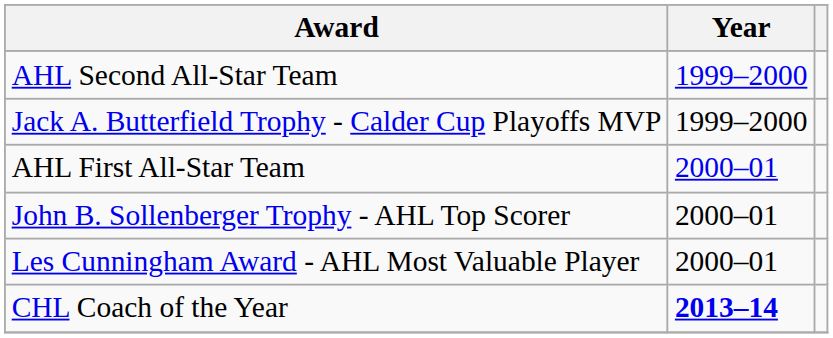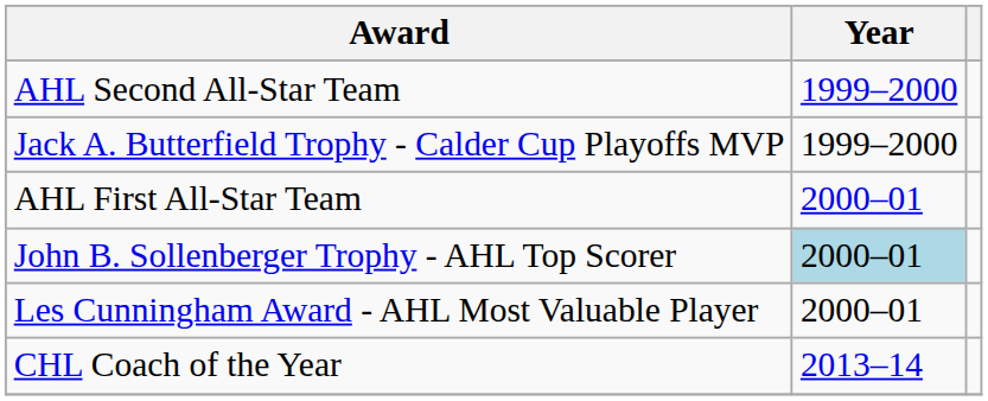 <table class="wikitable">
 <tr>
 <th>Award</th>
 <th>Year</th>
 <th></th>
 </tr>
 <tr>
 <td><a href='#'>AHL</a> Second All-Star Team</td>
 <td><a href='#'>1999–2000</a></td>
 <td></td>
 </tr>
 <tr>
 <td><a href='#'>Jack A. Butterfield Trophy</a> - <a href='#'>Calder Cup</a> Playoffs MVP</td>
 <td>1999–2000</td>
 <td></td>
 </tr>
 <tr>
 <td>AHL First All-Star Team</td>
 <td><a href='#'>2000–01</a></td>
 <td></td>
 </tr>
 <tr>
 <td><a href='#'>John B. Sollenberger Trophy</a> - AHL Top Scorer</td>
-<td>2000–01</td>
+<td style="background: lightblue;">2000–01</td>
 <td></td>
 </tr>
 <tr>
 <td><a href='#'>Les Cunningham Award</a> - AHL Most Valuable Player</td>
 <td>2000–01</td>
 <td></td>
 </tr>
 <tr>
 <td><a href='#'>CHL</a> Coach of the Year</td>
-<td><strong><a href='#'>2013–14</a></strong></td>
+<td><a href='#'>2013–14</a></td>
 <td></td>
 </tr>
 <tr>
 </tr>
 </table>
